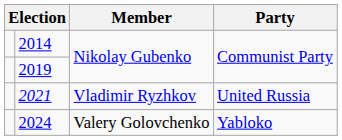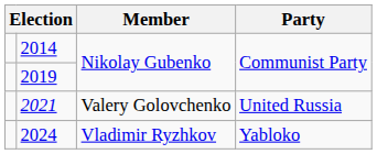 <table class="wikitable">
 <tr>
 <th colspan="2">Election</th>
 <th>Member</th>
 <th>Party</th>
 </tr>
 <tr>
 <td style="background-color:"></td>
 <td><a href='#'>2014</a></td>
 <td rowspan=2><a href='#'>Nikolay Gubenko</a></td>
 <td rowspan=2><a href='#'>Communist Party</a></td>
 </tr>
 <tr>
 <td style="background-color:"></td>
 <td><a href='#'>2019</a></td>
 </tr>
 <tr>
 <td style="background-color:"></td>
 <td><em><a href='#'>2021</a></em></td>
-<td><a href='#'>Vladimir Ryzhkov</a></td>
+<td>Valery Golovchenko</td>
 <td><a href='#'>United Russia</a></td>
 </tr>
 <tr>
 <td style="background-color:"></td>
 <td><a href='#'>2024</a></td>
-<td>Valery Golovchenko</td>
+<td><a href='#'>Vladimir Ryzhkov</a></td>
 <td><a href='#'>Yabloko</a></td>
 </tr>
 </table>
